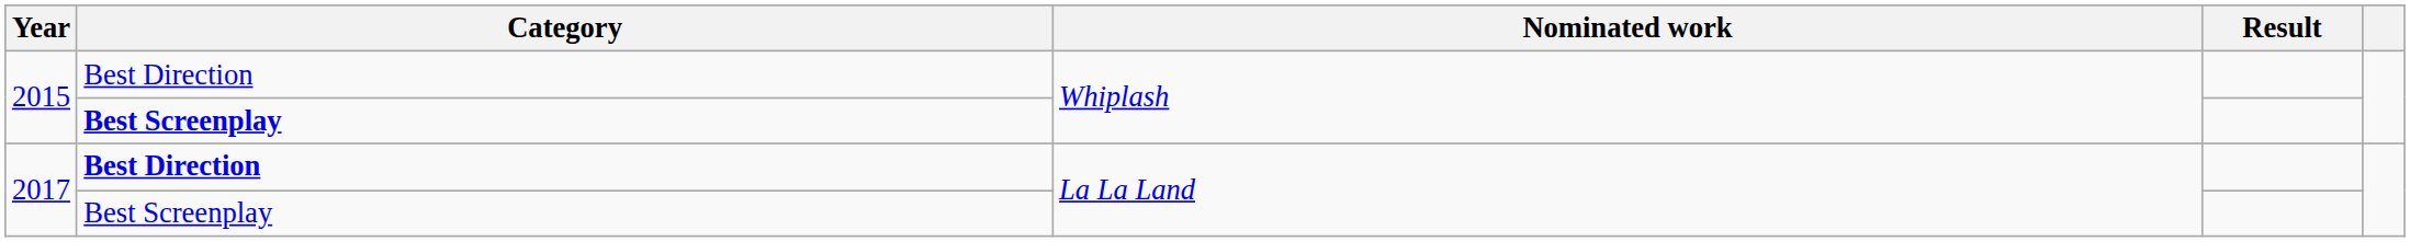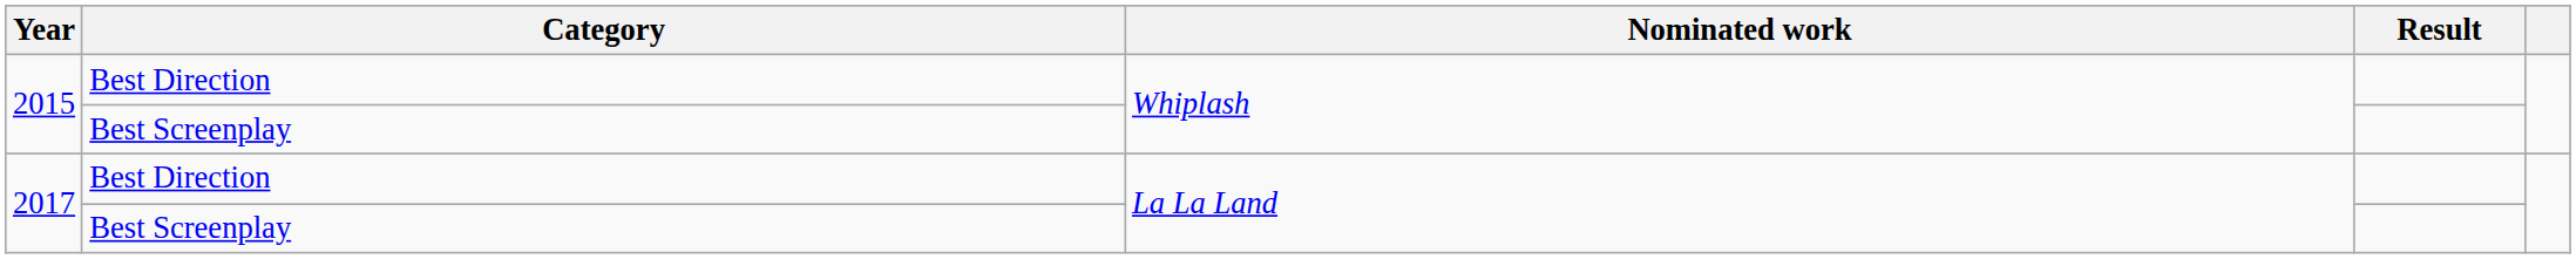 <table class=wikitable>
 <tr>
 <th scope="col" style="width:1em;">Year</th>
 <th scope="col" style="width:33em;">Category</th>
 <th scope="col" style="width:39em;">Nominated work</th>
 <th scope="col" style="width:5em;">Result</th>
 <th scope="col" style="width:1em;"></th>
 </tr>
 <tr>
 <td rowspan="2"><a href='#'>2015</a></td>
 <td><a href='#'>Best Direction</a></td>
 <td rowspan="2"><em><a href='#'>Whiplash</a></em></td>
 <td></td>
 <td rowspan="2"></td>
 </tr>
 <tr>
-<td><strong><a href='#'>Best Screenplay</a></strong></td>
+<td><a href='#'>Best Screenplay</a></td>
 <td></td>
 </tr>
 <tr>
 <td rowspan="2"><a href='#'>2017</a></td>
-<td><strong><a href='#'>Best Direction</a></strong></td>
+<td><a href='#'>Best Direction</a></td>
 <td rowspan="2"><em><a href='#'>La La Land</a></em></td>
 <td></td>
 <td rowspan="2"></td>
 </tr>
 <tr>
 <td><a href='#'>Best Screenplay</a></td>
 <td></td>
 </tr>
 </table>
